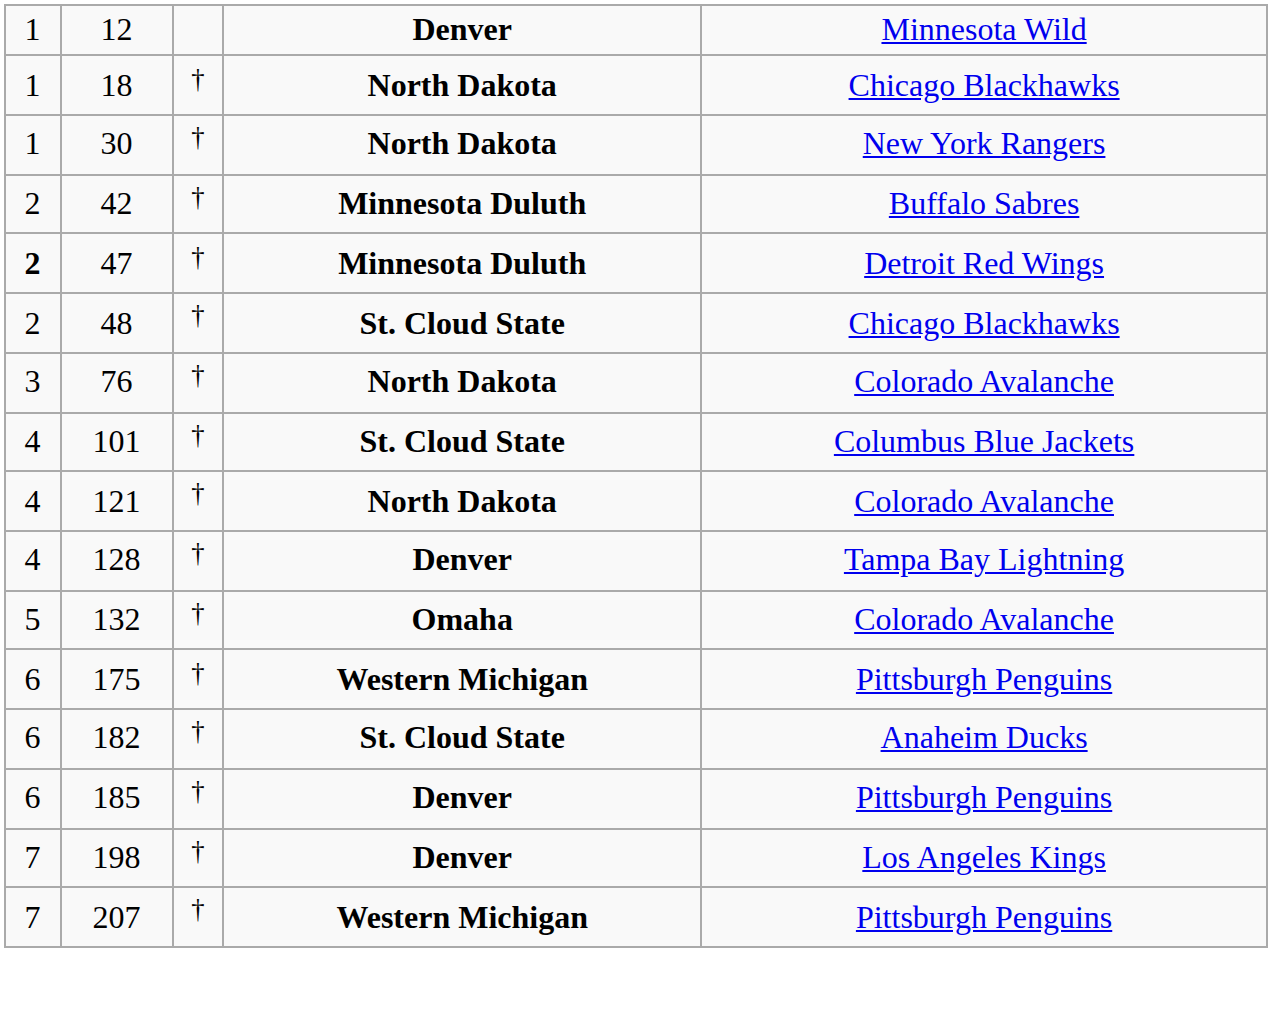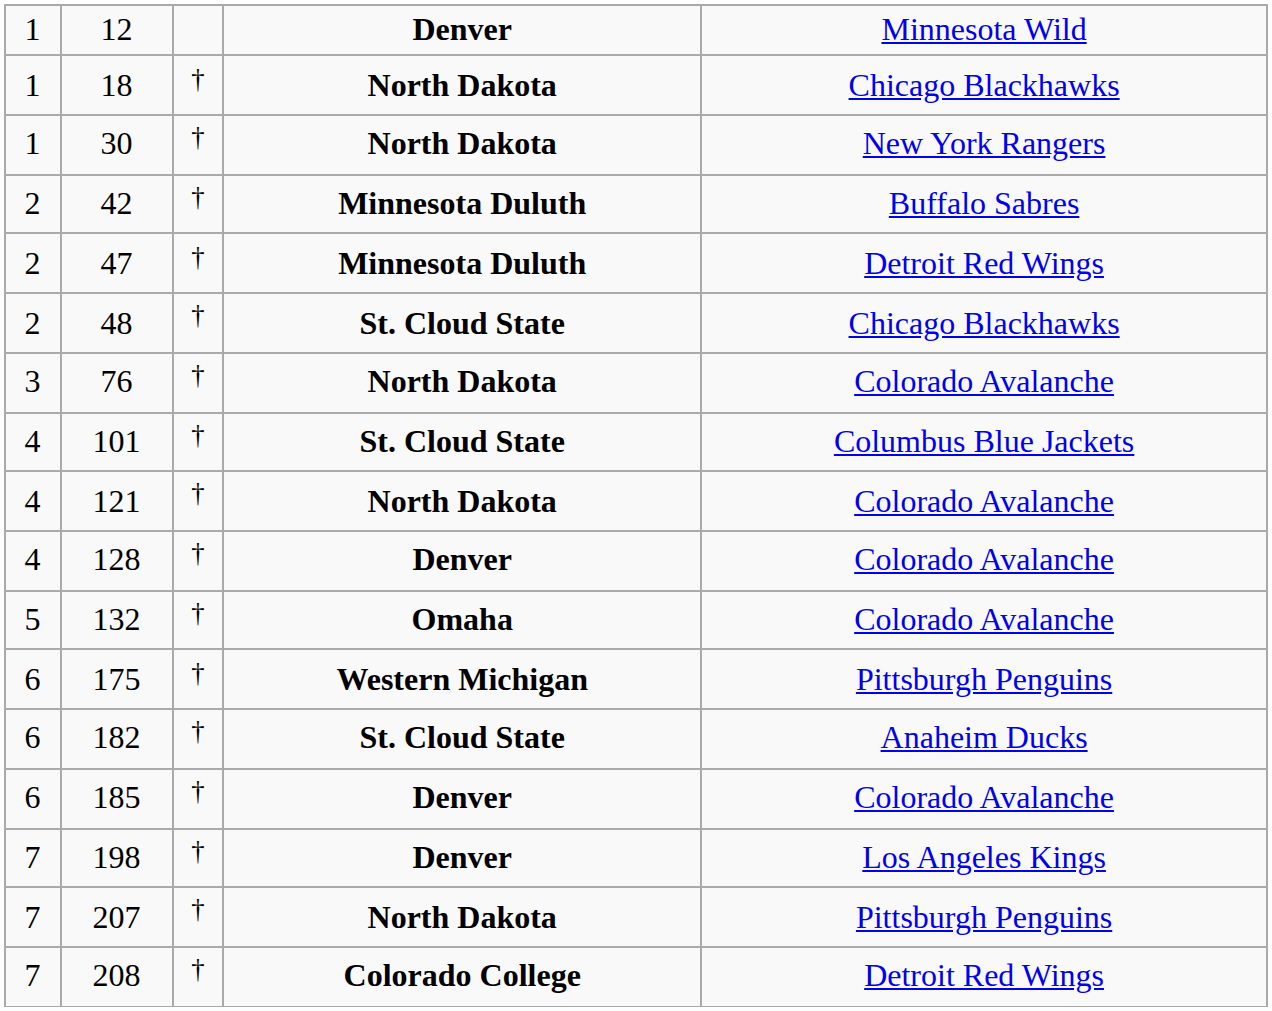 <table class="wikitable sortable" width="50%">
 <tr align="center" bgcolor="">
 <td>1</td>
 <td>12</td>
 <td></td>
 <td><strong>Denver</strong></td>
 <td><a href='#'>Minnesota Wild</a></td>
 </tr>
 <tr align="center" bgcolor="">
 <td>1</td>
 <td>18</td>
 <td> <sup>†</sup></td>
 <td><strong>North Dakota</strong></td>
 <td><a href='#'>Chicago Blackhawks</a></td>
 </tr>
 <tr align="center" bgcolor="">
 <td>1</td>
 <td>30</td>
 <td> <sup>†</sup></td>
 <td><strong>North Dakota</strong></td>
 <td><a href='#'>New York Rangers</a></td>
 </tr>
 <tr align="center" bgcolor="">
 <td>2</td>
 <td>42</td>
 <td> <sup>†</sup></td>
 <td><strong>Minnesota Duluth</strong></td>
 <td><a href='#'>Buffalo Sabres</a></td>
 </tr>
 <tr align="center" bgcolor="">
-<td><strong>2</strong></td>
+<td>2</td>
 <td>47</td>
 <td> <sup>†</sup></td>
 <td><strong>Minnesota Duluth</strong></td>
 <td><a href='#'>Detroit Red Wings</a></td>
 </tr>
 <tr align="center" bgcolor="">
 <td>2</td>
 <td>48</td>
 <td> <sup>†</sup></td>
 <td><strong>St. Cloud State</strong></td>
 <td><a href='#'>Chicago Blackhawks</a></td>
 </tr>
 <tr align="center" bgcolor="">
 <td>3</td>
 <td>76</td>
 <td> <sup>†</sup></td>
 <td><strong>North Dakota</strong></td>
 <td><a href='#'>Colorado Avalanche</a></td>
 </tr>
 <tr align="center" bgcolor="">
 <td>4</td>
 <td>101</td>
 <td> <sup>†</sup></td>
 <td><strong>St. Cloud State</strong></td>
 <td><a href='#'>Columbus Blue Jackets</a></td>
 </tr>
 <tr align="center" bgcolor="">
 <td>4</td>
 <td>121</td>
 <td> <sup>†</sup></td>
 <td><strong>North Dakota</strong></td>
 <td><a href='#'>Colorado Avalanche</a></td>
 </tr>
 <tr align="center" bgcolor="">
 <td>4</td>
 <td>128</td>
 <td> <sup>†</sup></td>
 <td><strong>Denver</strong></td>
-<td><a href='#'>Tampa Bay Lightning</a></td>
+<td><a href='#'>Colorado Avalanche</a></td>
 </tr>
 <tr align="center" bgcolor="">
 <td>5</td>
 <td>132</td>
 <td> <sup>†</sup></td>
 <td><strong>Omaha</strong></td>
 <td><a href='#'>Colorado Avalanche</a></td>
 </tr>
 <tr align="center" bgcolor="">
 <td>6</td>
 <td>175</td>
 <td> <sup>†</sup></td>
 <td><strong>Western Michigan</strong></td>
 <td><a href='#'>Pittsburgh Penguins</a></td>
 </tr>
 <tr align="center" bgcolor="">
 <td>6</td>
 <td>182</td>
 <td> <sup>†</sup></td>
 <td><strong>St. Cloud State</strong></td>
 <td><a href='#'>Anaheim Ducks</a></td>
 </tr>
 <tr align="center" bgcolor="">
 <td>6</td>
 <td>185</td>
 <td> <sup>†</sup></td>
 <td><strong>Denver</strong></td>
-<td><a href='#'>Pittsburgh Penguins</a></td>
+<td><a href='#'>Colorado Avalanche</a></td>
 </tr>
 <tr align="center" bgcolor="">
 <td>7</td>
 <td>198</td>
 <td> <sup>†</sup></td>
 <td><strong>Denver</strong></td>
 <td><a href='#'>Los Angeles Kings</a></td>
 </tr>
 <tr align="center" bgcolor="">
 <td>7</td>
 <td>207</td>
 <td> <sup>†</sup></td>
-<td><strong>Western Michigan</strong></td>
+<td><strong>North Dakota</strong></td>
 <td><a href='#'>Pittsburgh Penguins</a></td>
 </tr>
+<tr align="center" bgcolor="">
+<td>7</td>
+<td>208</td>
+<td> <sup>†</sup></td>
+<td><strong>Colorado College</strong></td>
+<td><a href='#'>Detroit Red Wings</a></td>
+</tr>
 </table>
